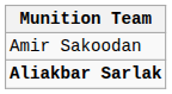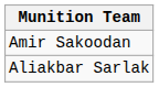 <table class="wikitable" "align: right;">
 <tr>
 <th>Munition Team</th>
 </tr>
 <tr>
 <td> Amir Sakoodan</td>
 </tr>
 <tr>
-<td><strong> Aliakbar Sarlak</strong></td>
+<td> Aliakbar Sarlak</td>
 </tr>
 </table>
